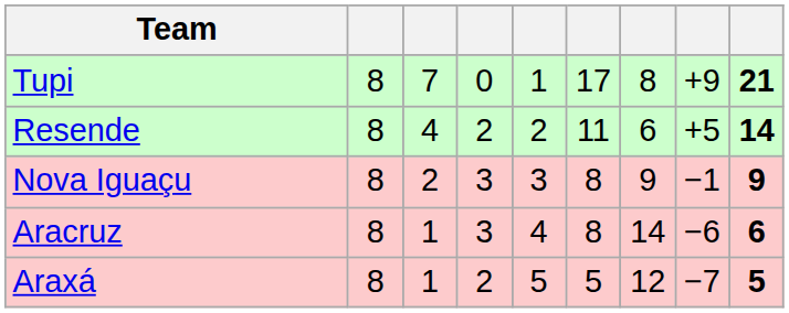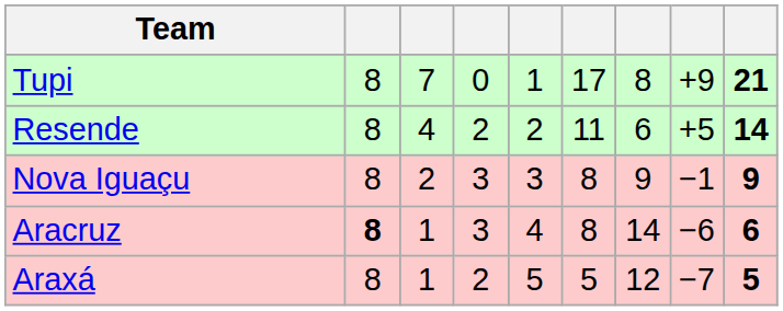 <table class="wikitable" style="text-align: center;">
 <tr>
 <th width=165>Team</th>
 <th width=20></th>
 <th width=20></th>
 <th width=20></th>
 <th width=20></th>
 <th width=20></th>
 <th width=20></th>
 <th width=20></th>
 <th width=20></th>
 </tr>
 <tr bgcolor=#ccffcc>
 <td align=left> <a href='#'>Tupi</a></td>
 <td>8</td>
 <td>7</td>
 <td>0</td>
 <td>1</td>
 <td>17</td>
 <td>8</td>
 <td>+9</td>
 <td><strong>21</strong></td>
 </tr>
 <tr bgcolor=#ccffcc>
 <td align=left> <a href='#'>Resende</a></td>
 <td>8</td>
 <td>4</td>
 <td>2</td>
 <td>2</td>
 <td>11</td>
 <td>6</td>
 <td>+5</td>
 <td><strong>14</strong></td>
 </tr>
 <tr bgcolor=#FDCBCC>
 <td align=left> <a href='#'>Nova Iguaçu</a></td>
 <td>8</td>
 <td>2</td>
 <td>3</td>
 <td>3</td>
 <td>8</td>
 <td>9</td>
 <td>−1</td>
 <td><strong>9</strong></td>
 </tr>
 <tr bgcolor=#FDCBCC>
 <td align=left> <a href='#'>Aracruz</a></td>
-<td>8</td>
+<td><strong>8</strong></td>
 <td>1</td>
 <td>3</td>
 <td>4</td>
 <td>8</td>
 <td>14</td>
 <td>−6</td>
 <td><strong>6</strong></td>
 </tr>
 <tr bgcolor=#FDCBCC>
 <td align=left> <a href='#'>Araxá</a></td>
 <td>8</td>
 <td>1</td>
 <td>2</td>
 <td>5</td>
 <td>5</td>
 <td>12</td>
 <td>−7</td>
 <td><strong>5</strong></td>
 </tr>
 </table>
